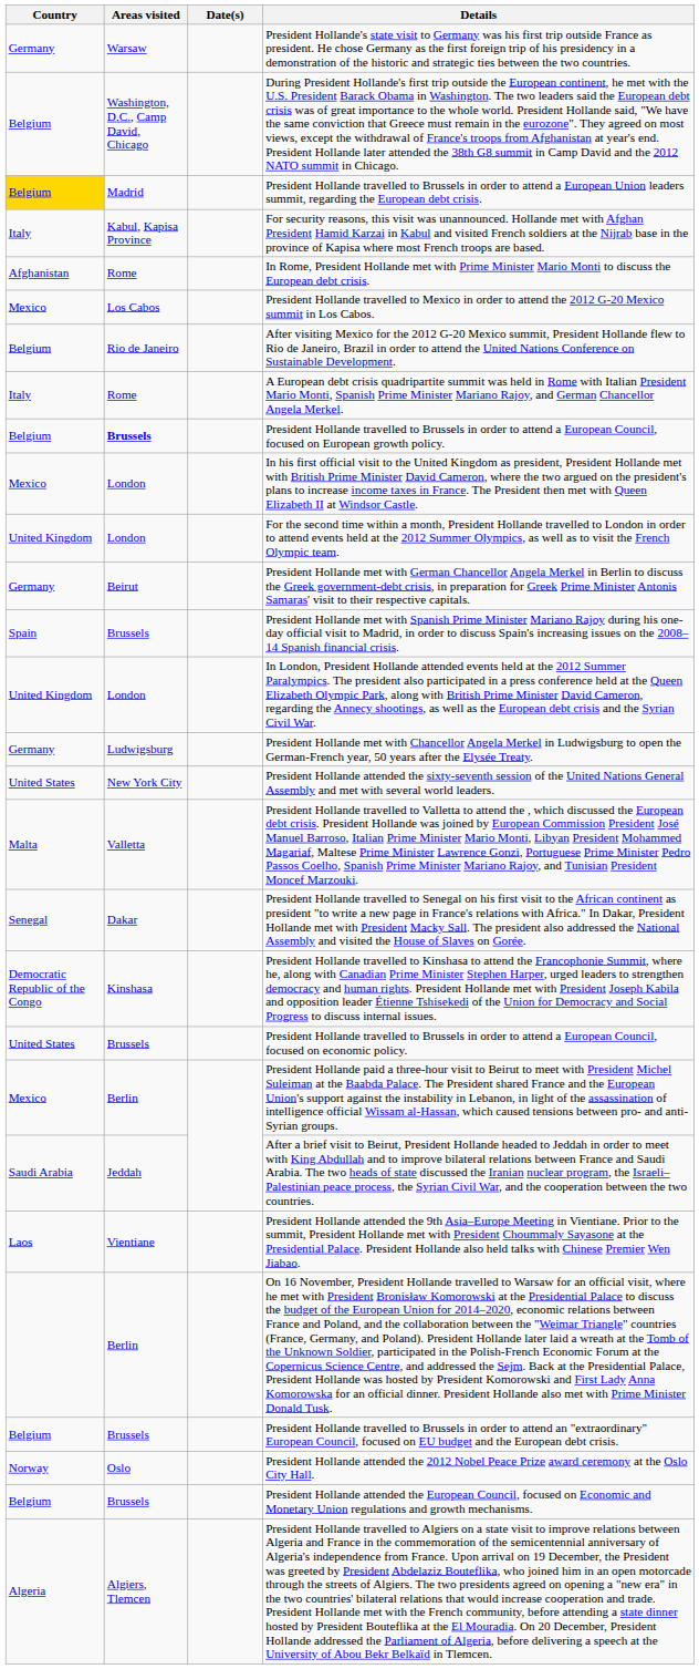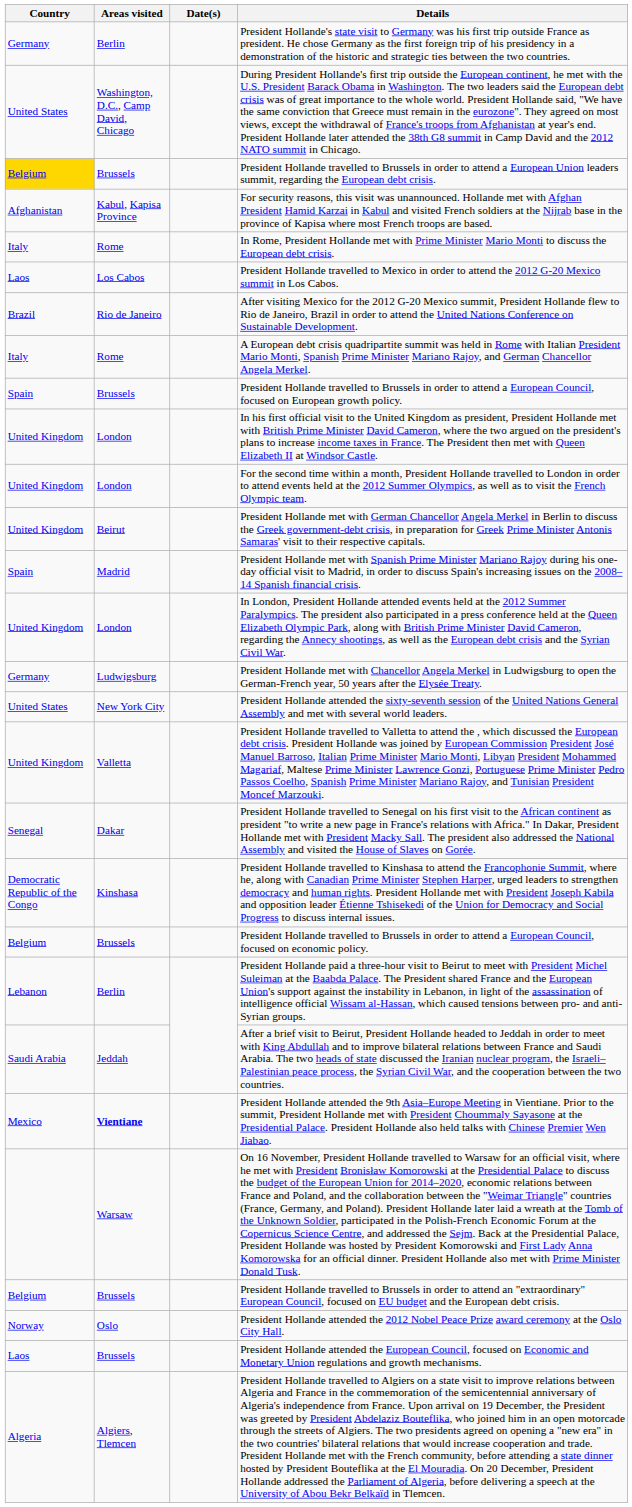 <table class="wikitable sortable outercollapse" style="margin: 1em auto 1em auto">
 <tr>
 <th width=120>Country</th>
 <th width=100>Areas visited</th>
 <th width=90>Date(s)</th>
 <th width=550>Details</th>
 </tr>
 <tr>
 <td> <a href='#'>Germany</a></td>
-<td><a href='#'>Warsaw</a></td>
+<td><a href='#'>Berlin</a></td>
 <td></td>
 <td>President Hollande's <a href='#'>state visit</a> to <a href='#'>Germany</a> was his first trip outside France as president. He chose Germany as the first foreign trip of his presidency in a demonstration of the historic and strategic ties between the two countries.</td>
 </tr>
 <tr>
-<td> <a href='#'>Belgium</a></td>
+<td> <a href='#'>United States</a></td>
 <td><a href='#'>Washington, D.C.</a>, <a href='#'>Camp David</a>, <a href='#'>Chicago</a></td>
 <td></td>
 <td>During President Hollande's first trip outside the <a href='#'>European continent</a>, he met with the <a href='#'>U.S. President</a> <a href='#'>Barack Obama</a> in <a href='#'>Washington</a>. The two leaders said the <a href='#'>European debt crisis</a> was of great importance to the whole world. President Hollande said, "We have the same conviction that Greece must remain in the <a href='#'>eurozone</a>". They agreed on most views, except the withdrawal of <a href='#'>France's troops from Afghanistan</a> at year's end. President Hollande later attended the <a href='#'>38th G8 summit</a> in Camp David and the <a href='#'>2012 NATO summit</a> in Chicago.</td>
 </tr>
 <tr>
 <td style="background: gold;"> <a href='#'>Belgium</a></td>
-<td><a href='#'>Madrid</a></td>
+<td><a href='#'>Brussels</a></td>
 <td></td>
 <td>President Hollande travelled to Brussels in order to attend a <a href='#'>European Union</a> leaders summit, regarding the <a href='#'>European debt crisis</a>.</td>
 </tr>
 <tr>
-<td> <a href='#'>Italy</a></td>
+<td> <a href='#'>Afghanistan</a></td>
 <td><a href='#'>Kabul</a>, <a href='#'>Kapisa Province</a></td>
 <td></td>
 <td>For security reasons, this visit was unannounced. Hollande met with <a href='#'>Afghan President</a> <a href='#'>Hamid Karzai</a> in <a href='#'>Kabul</a> and visited French soldiers at the <a href='#'>Nijrab</a> base in the province of Kapisa where most French troops are based.</td>
 </tr>
 <tr>
-<td> <a href='#'>Afghanistan</a></td>
+<td> <a href='#'>Italy</a></td>
 <td><a href='#'>Rome</a></td>
 <td></td>
 <td>In Rome, President Hollande met with <a href='#'>Prime Minister</a> <a href='#'>Mario Monti</a> to discuss the <a href='#'>European debt crisis</a>.</td>
 </tr>
 <tr>
-<td> <a href='#'>Mexico</a></td>
+<td> <a href='#'>Laos</a></td>
 <td><a href='#'>Los Cabos</a></td>
 <td></td>
 <td>President Hollande travelled to Mexico in order to attend the <a href='#'>2012 G-20 Mexico summit</a> in Los Cabos.</td>
 </tr>
 <tr>
-<td> <a href='#'>Belgium</a></td>
+<td> <a href='#'>Brazil</a></td>
 <td><a href='#'>Rio de Janeiro</a></td>
 <td></td>
 <td>After visiting Mexico for the 2012 G-20 Mexico summit, President Hollande flew to Rio de Janeiro, Brazil in order to attend the <a href='#'>United Nations Conference on Sustainable Development</a>.</td>
 </tr>
 <tr>
 <td> <a href='#'>Italy</a></td>
 <td><a href='#'>Rome</a></td>
 <td></td>
 <td>A European debt crisis quadripartite summit was held in <a href='#'>Rome</a> with Italian <a href='#'>President</a> <a href='#'>Mario Monti</a>, <a href='#'>Spanish</a> <a href='#'>Prime Minister</a> <a href='#'>Mariano Rajoy</a>, and <a href='#'>German</a> <a href='#'>Chancellor</a> <a href='#'>Angela Merkel</a>.</td>
 </tr>
 <tr>
-<td> <a href='#'>Belgium</a></td>
-<td><strong><a href='#'>Brussels</a></strong></td>
+<td> <a href='#'>Spain</a></td>
+<td><a href='#'>Brussels</a></td>
 <td></td>
 <td>President Hollande travelled to Brussels in order to attend a <a href='#'>European Council</a>, focused on European growth policy.</td>
 </tr>
 <tr>
-<td> <a href='#'>Mexico</a></td>
+<td> <a href='#'>United Kingdom</a></td>
 <td><a href='#'>London</a></td>
 <td></td>
 <td>In his first official visit to the United Kingdom as president, President Hollande met with <a href='#'>British Prime Minister</a> <a href='#'>David Cameron</a>, where the two argued on the president's plans to increase <a href='#'>income taxes in France</a>. The President then met with <a href='#'>Queen Elizabeth II</a> at <a href='#'>Windsor Castle</a>.</td>
 </tr>
 <tr>
 <td> <a href='#'>United Kingdom</a></td>
 <td><a href='#'>London</a></td>
 <td></td>
 <td>For the second time within a month, President Hollande travelled to London in order to attend events held at the <a href='#'>2012 Summer Olympics</a>, as well as to visit the <a href='#'>French Olympic team</a>.</td>
 </tr>
 <tr>
-<td> <a href='#'>Germany</a></td>
+<td> <a href='#'>United Kingdom</a></td>
 <td><a href='#'>Beirut</a></td>
 <td></td>
 <td>President Hollande met with <a href='#'>German Chancellor</a> <a href='#'>Angela Merkel</a> in Berlin to discuss the <a href='#'>Greek government-debt crisis</a>, in preparation for <a href='#'>Greek</a> <a href='#'>Prime Minister</a> <a href='#'>Antonis Samaras</a>' visit to their respective capitals.</td>
 </tr>
 <tr>
 <td> <a href='#'>Spain</a></td>
-<td><a href='#'>Brussels</a></td>
+<td><a href='#'>Madrid</a></td>
 <td></td>
 <td>President Hollande met with <a href='#'>Spanish Prime Minister</a> <a href='#'>Mariano Rajoy</a> during his one-day official visit to Madrid, in order to discuss Spain's increasing issues on the <a href='#'>2008–14 Spanish financial crisis</a>.</td>
 </tr>
 <tr>
 <td> <a href='#'>United Kingdom</a></td>
 <td><a href='#'>London</a></td>
 <td></td>
 <td>In London, President Hollande attended events held at the <a href='#'>2012 Summer Paralympics</a>. The president also participated in a press conference held at the <a href='#'>Queen Elizabeth Olympic Park</a>, along with <a href='#'>British Prime Minister</a> <a href='#'>David Cameron</a>, regarding the <a href='#'>Annecy shootings</a>, as well as the <a href='#'>European debt crisis</a> and the <a href='#'>Syrian Civil War</a>.</td>
 </tr>
 <tr>
 <td> <a href='#'>Germany</a></td>
 <td><a href='#'>Ludwigsburg</a></td>
 <td></td>
 <td>President Hollande met with <a href='#'>Chancellor</a> <a href='#'>Angela Merkel</a> in Ludwigsburg to open the German-French year, 50 years after the <a href='#'>Elysée Treaty</a>.</td>
 </tr>
 <tr>
 <td> <a href='#'>United States</a></td>
 <td><a href='#'>New York City</a></td>
 <td></td>
 <td>President Hollande attended the <a href='#'>sixty-seventh session</a> of the <a href='#'>United Nations General Assembly</a> and met with several world leaders.</td>
 </tr>
 <tr>
-<td> <a href='#'>Malta</a></td>
+<td> <a href='#'>United Kingdom</a></td>
 <td><a href='#'>Valletta</a></td>
 <td></td>
 <td>President Hollande travelled to Valletta to attend the , which discussed the <a href='#'>European debt crisis</a>. President Hollande was joined by <a href='#'>European Commission</a> <a href='#'>President</a> <a href='#'>José Manuel Barroso</a>, <a href='#'>Italian</a> <a href='#'>Prime Minister</a> <a href='#'>Mario Monti</a>, <a href='#'>Libyan</a> <a href='#'>President</a> <a href='#'>Mohammed Magariaf</a>, Maltese <a href='#'>Prime Minister</a> <a href='#'>Lawrence Gonzi</a>, <a href='#'>Portuguese</a> <a href='#'>Prime Minister</a> <a href='#'>Pedro Passos Coelho</a>, <a href='#'>Spanish</a> <a href='#'>Prime Minister</a> <a href='#'>Mariano Rajoy</a>, and <a href='#'>Tunisian</a> <a href='#'>President</a> <a href='#'>Moncef Marzouki</a>.</td>
 </tr>
 <tr>
 <td> <a href='#'>Senegal</a></td>
 <td><a href='#'>Dakar</a></td>
 <td></td>
 <td>President Hollande travelled to Senegal on his first visit to the <a href='#'>African continent</a> as president "to write a new page in France's relations with Africa." In Dakar, President Hollande met with <a href='#'>President</a> <a href='#'>Macky Sall</a>. The president also addressed the <a href='#'>National Assembly</a> and visited the <a href='#'>House of Slaves</a> on <a href='#'>Gorée</a>.</td>
 </tr>
 <tr>
 <td> <a href='#'>Democratic Republic of the Congo</a></td>
 <td><a href='#'>Kinshasa</a></td>
 <td></td>
 <td>President Hollande travelled to Kinshasa to attend the <a href='#'>Francophonie Summit</a>, where he, along with <a href='#'>Canadian</a> <a href='#'>Prime Minister</a> <a href='#'>Stephen Harper</a>, urged leaders to strengthen <a href='#'>democracy</a> and <a href='#'>human rights</a>. President Hollande met with <a href='#'>President</a> <a href='#'>Joseph Kabila</a> and opposition leader <a href='#'>Étienne Tshisekedi</a> of the <a href='#'>Union for Democracy and Social Progress</a> to discuss internal issues.</td>
 </tr>
 <tr>
-<td> <a href='#'>United States</a></td>
+<td> <a href='#'>Belgium</a></td>
 <td><a href='#'>Brussels</a></td>
 <td></td>
 <td>President Hollande travelled to Brussels in order to attend a <a href='#'>European Council</a>, focused on economic policy.</td>
 </tr>
 <tr>
-<td> <a href='#'>Mexico</a></td>
+<td> <a href='#'>Lebanon</a></td>
 <td><a href='#'>Berlin</a></td>
 <td rowspan=2></td>
 <td>President Hollande paid a three-hour visit to Beirut to meet with <a href='#'>President</a> <a href='#'>Michel Suleiman</a> at the <a href='#'>Baabda Palace</a>. The President shared France and the <a href='#'>European Union</a>'s support against the instability in Lebanon, in light of the <a href='#'>assassination</a> of intelligence official <a href='#'>Wissam al-Hassan</a>, which caused tensions between pro- and anti-Syrian groups.</td>
 </tr>
 <tr>
 <td> <a href='#'>Saudi Arabia</a></td>
 <td><a href='#'>Jeddah</a></td>
 <td>After a brief visit to Beirut, President Hollande headed to Jeddah in order to meet with <a href='#'>King Abdullah</a> and to improve bilateral relations between France and Saudi Arabia. The two <a href='#'>heads of state</a> discussed the <a href='#'>Iranian</a> <a href='#'>nuclear program</a>, the <a href='#'>Israeli–Palestinian peace process</a>, the <a href='#'>Syrian Civil War</a>, and the cooperation between the two countries.</td>
 </tr>
 <tr>
-<td> <a href='#'>Laos</a></td>
-<td><a href='#'>Vientiane</a></td>
+<td> <a href='#'>Mexico</a></td>
+<td><strong><a href='#'>Vientiane</a></strong></td>
 <td></td>
 <td>President Hollande attended the 9th <a href='#'>Asia–Europe Meeting</a> in Vientiane. Prior to the summit, President Hollande met with <a href='#'>President</a> <a href='#'>Choummaly Sayasone</a> at the <a href='#'>Presidential Palace</a>. President Hollande also held talks with <a href='#'>Chinese</a> <a href='#'>Premier</a> <a href='#'>Wen Jiabao</a>.</td>
 </tr>
 <tr>
 <td></td>
-<td><a href='#'>Berlin</a></td>
+<td><a href='#'>Warsaw</a></td>
 <td></td>
 <td>On 16 November, President Hollande travelled to Warsaw for an official visit, where he met with <a href='#'>President</a> <a href='#'>Bronisław Komorowski</a> at the <a href='#'>Presidential Palace</a> to discuss the <a href='#'>budget of the European Union for 2014–2020</a>, economic relations between France and Poland, and the collaboration between the "<a href='#'>Weimar Triangle</a>" countries (France, Germany, and Poland). President Hollande later laid a wreath at the <a href='#'>Tomb of the Unknown Soldier</a>, participated in the Polish-French Economic Forum at the <a href='#'>Copernicus Science Centre</a>, and addressed the <a href='#'>Sejm</a>. Back at the Presidential Palace, President Hollande was hosted by President Komorowski and <a href='#'>First Lady</a> <a href='#'>Anna Komorowska</a> for an official dinner. President Hollande also met with <a href='#'>Prime Minister</a> <a href='#'>Donald Tusk</a>.</td>
 </tr>
 <tr>
 <td> <a href='#'>Belgium</a></td>
 <td><a href='#'>Brussels</a></td>
 <td></td>
 <td>President Hollande travelled to Brussels in order to attend an "extraordinary" <a href='#'>European Council</a>, focused on <a href='#'>EU budget</a> and the European debt crisis.</td>
 </tr>
 <tr>
 <td> <a href='#'>Norway</a></td>
 <td><a href='#'>Oslo</a></td>
 <td></td>
 <td>President Hollande attended the <a href='#'>2012 Nobel Peace Prize</a> <a href='#'>award ceremony</a> at the <a href='#'>Oslo City Hall</a>.</td>
 </tr>
 <tr>
-<td> <a href='#'>Belgium</a></td>
+<td> <a href='#'>Laos</a></td>
 <td><a href='#'>Brussels</a></td>
 <td></td>
 <td>President Hollande attended the <a href='#'>European Council</a>, focused on <a href='#'>Economic and Monetary Union</a> regulations and growth mechanisms.</td>
 </tr>
 <tr>
 <td> <a href='#'>Algeria</a></td>
 <td><a href='#'>Algiers</a>, <a href='#'>Tlemcen</a></td>
 <td></td>
 <td>President Hollande travelled to Algiers on a state visit to improve relations between Algeria and France in the commemoration of the semicentennial anniversary of Algeria's independence from France. Upon arrival on 19 December, the President was greeted by <a href='#'>President</a> <a href='#'>Abdelaziz Bouteflika</a>, who joined him in an open motorcade through the streets of Algiers. The two presidents agreed on opening a "new era" in the two countries' bilateral relations that would increase cooperation and trade. President Hollande met with the French community, before attending a <a href='#'>state dinner</a> hosted by President Bouteflika at the <a href='#'>El Mouradia</a>. On 20 December, President Hollande addressed the <a href='#'>Parliament of Algeria</a>, before delivering a speech at the <a href='#'>University of Abou Bekr Belkaïd</a> in Tlemcen.</td>
 </tr>
 </table>
